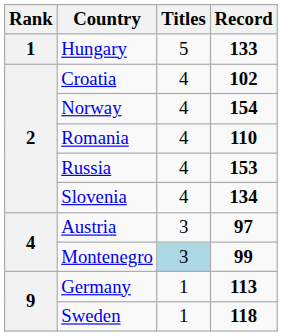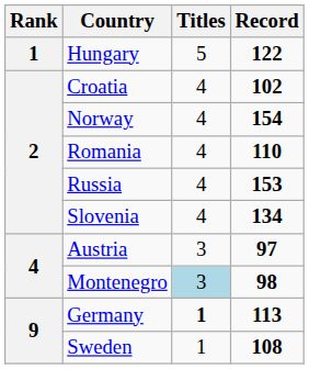 <table class="wikitable" style="text-align: center;">
 <tr>
 <th>Rank</th>
 <th class="unsortable">Country</th>
 <th>Titles</th>
 <th>Record</th>
 </tr>
 <tr>
 <th rowspan="1">1</th>
 <td style="text-align: left;"> <a href='#'>Hungary</a></td>
 <td>5</td>
-<td><strong>133</strong></td>
+<td><strong>122</strong></td>
 </tr>
 <tr>
 <th rowspan="5">2</th>
 <td style="text-align: left;"> <a href='#'>Croatia</a></td>
 <td>4</td>
 <td><strong>102</strong></td>
 </tr>
 <tr>
 <td style="text-align: left;"> <a href='#'>Norway</a></td>
 <td>4</td>
 <td><strong>154</strong></td>
 </tr>
 <tr>
 <td style="text-align: left;"> <a href='#'>Romania</a></td>
 <td>4</td>
 <td><strong>110</strong></td>
 </tr>
 <tr>
 <td style="text-align: left;"> <a href='#'>Russia</a></td>
 <td>4</td>
 <td><strong>153</strong></td>
 </tr>
 <tr>
 <td style="text-align: left;"> <a href='#'>Slovenia</a></td>
 <td>4</td>
 <td><strong>134</strong></td>
 </tr>
 <tr>
 <th rowspan="2">4</th>
 <td style="text-align: left;"> <a href='#'>Austria</a></td>
 <td>3</td>
 <td><strong>97</strong></td>
 </tr>
 <tr>
 <td style="text-align: left;"> <a href='#'>Montenegro</a></td>
 <td style="background: lightblue;">3</td>
-<td><strong>99</strong></td>
+<td><strong>98</strong></td>
 </tr>
 <tr>
 <th rowspan="2">9</th>
 <td style="text-align: left;"> <a href='#'>Germany</a></td>
-<td>1</td>
+<td><strong>1</strong></td>
 <td><strong>113</strong></td>
 </tr>
 <tr>
 <td style="text-align: left;"> <a href='#'>Sweden</a></td>
 <td>1</td>
-<td><strong>118</strong></td>
+<td><strong>108</strong></td>
 </tr>
 </table>
